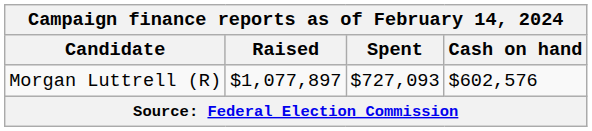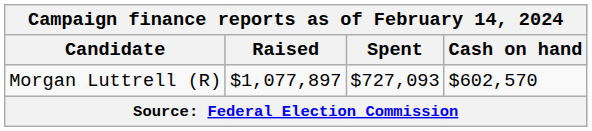 <table class="wikitable sortable">
 <tr>
 <th colspan=4>Campaign finance reports as of February 14, 2024</th>
 </tr>
 <tr style="text-align:center;">
 <th>Candidate</th>
 <th>Raised</th>
 <th>Spent</th>
 <th>Cash on hand</th>
 </tr>
 <tr>
 <td style="background-color:">Morgan Luttrell (R)</td>
 <td>$1,077,897</td>
 <td>$727,093</td>
-<td>$602,576</td>
+<td>$602,570</td>
 </tr>
 <tr>
 <th colspan="4"><small>Source: <a href='#'>Federal Election Commission</a></small></th>
 </tr>
 </table>
